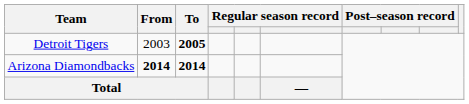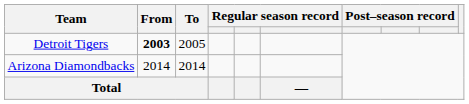 <table class="wikitable" Style="text-align: center;font-size:90%">
 <tr>
 <th rowspan="2">Team</th>
 <th rowspan="2">From</th>
 <th rowspan="2">To</th>
 <th colspan="3">Regular season record</th>
 <th colspan="3">Post–season record</th>
 <th rowspan="2"></th>
 </tr>
 <tr>
 <th></th>
 <th></th>
 <th></th>
 <th></th>
 <th></th>
 <th></th>
 </tr>
 <tr>
 <td><a href='#'>Detroit Tigers</a></td>
-<td>2003</td>
-<td><strong>2005</strong></td>
+<td><strong>2003</strong></td>
+<td>2005</td>
 <td></td>
 <td></td>
 <td></td>
 </tr>
 <tr>
 <td><a href='#'>Arizona Diamondbacks</a></td>
-<td><strong>2014</strong></td>
-<td><strong>2014</strong></td>
+<td>2014</td>
+<td>2014</td>
 <td></td>
 <td></td>
 <td></td>
 </tr>
 <tr>
 <th colspan="3">Total</th>
 <th></th>
 <th></th>
 <th>—</th>
 </tr>
 </table>
